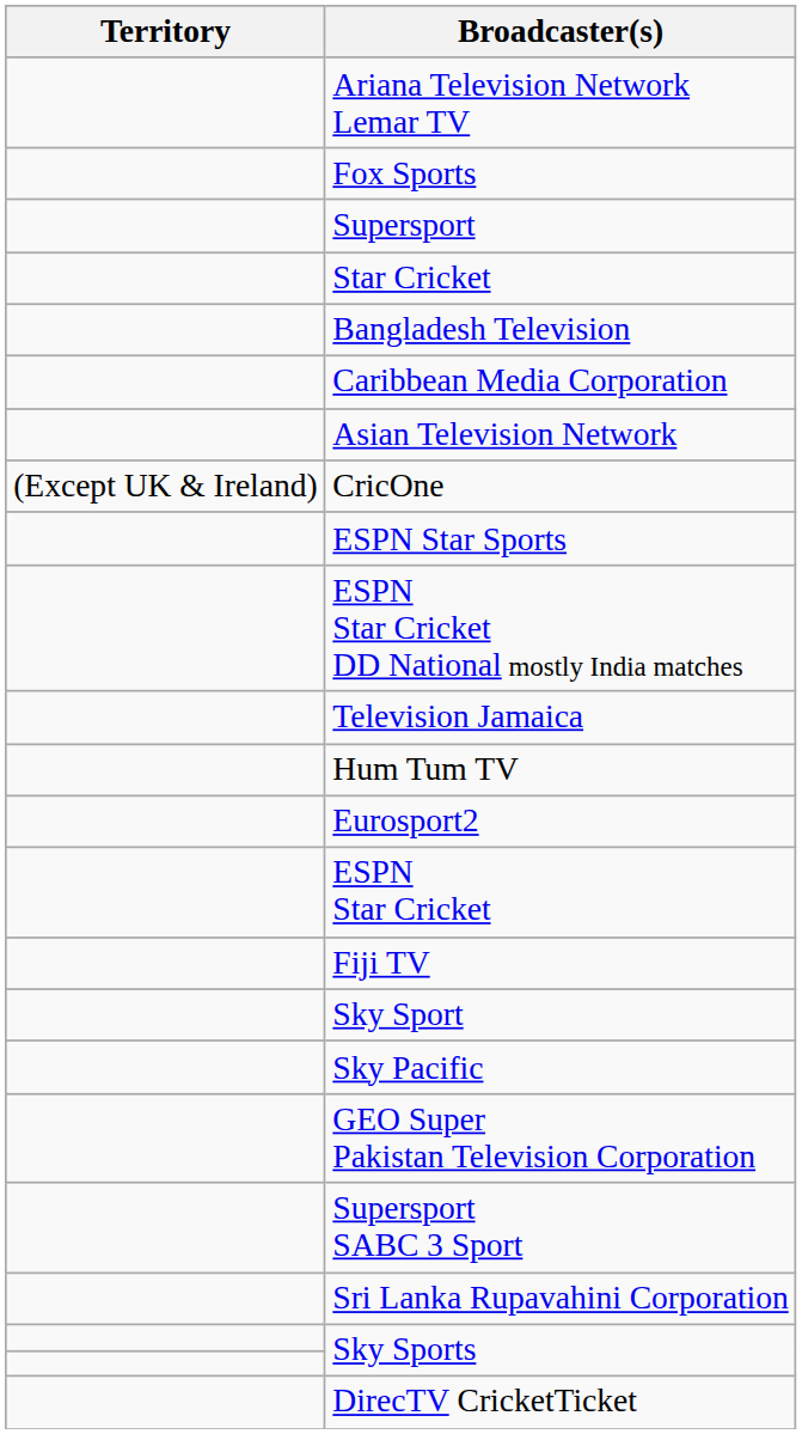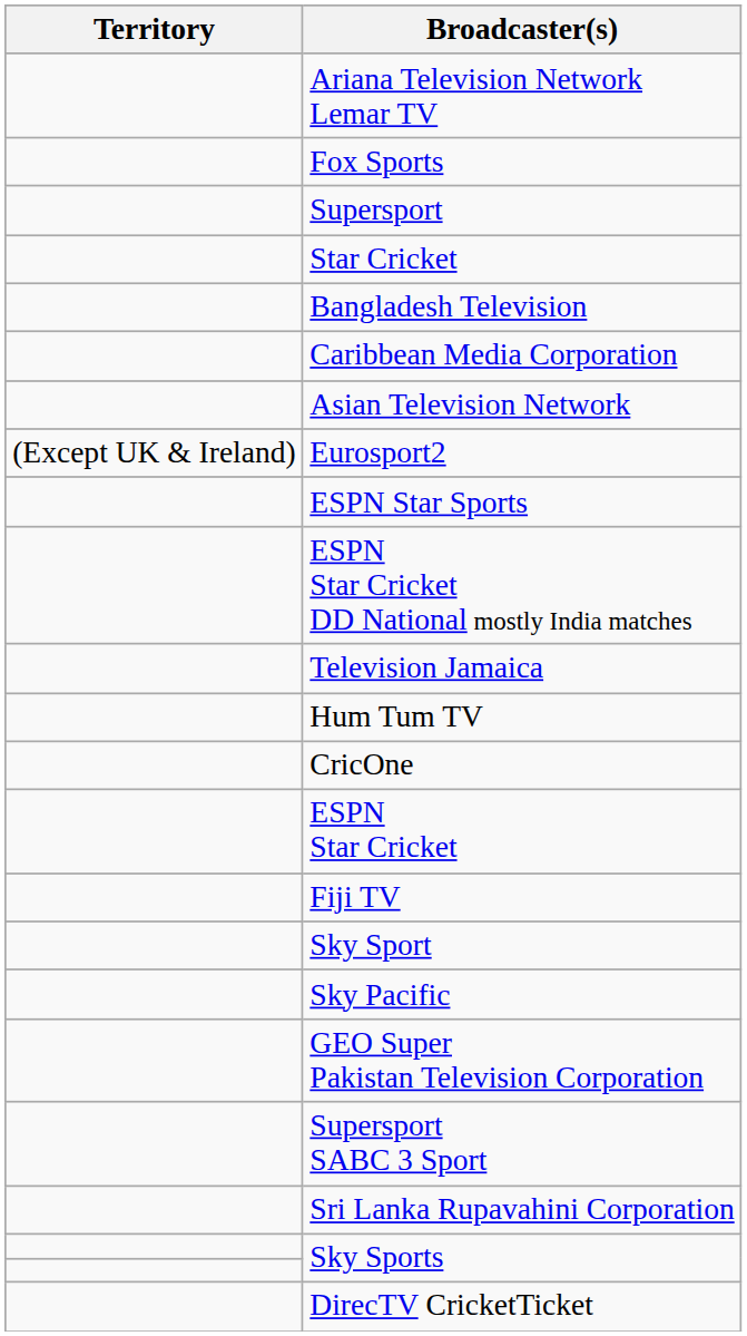 <table class="wikitable">
 <tr>
 <th>Territory</th>
 <th>Broadcaster(s)</th>
 </tr>
 <tr>
 <td></td>
 <td><a href='#'>Ariana Television Network</a><br><a href='#'>Lemar TV</a></td>
 </tr>
 <tr>
 <td></td>
 <td><a href='#'>Fox Sports</a></td>
 </tr>
 <tr>
 <td></td>
 <td><a href='#'>Supersport</a></td>
 </tr>
 <tr>
 <td></td>
 <td><a href='#'>Star Cricket</a></td>
 </tr>
 <tr>
 <td></td>
 <td><a href='#'>Bangladesh Television</a></td>
 </tr>
 <tr>
 <td></td>
 <td><a href='#'>Caribbean Media Corporation</a></td>
 </tr>
 <tr>
 <td></td>
 <td><a href='#'>Asian Television Network</a></td>
 </tr>
 <tr>
 <td> (Except UK & Ireland)</td>
-<td>CricOne</td>
+<td><a href='#'>Eurosport2</a></td>
 </tr>
 <tr>
 <td></td>
 <td><a href='#'>ESPN Star Sports</a></td>
 </tr>
 <tr>
 <td></td>
 <td><a href='#'>ESPN</a><br><a href='#'>Star Cricket</a> <br><a href='#'>DD National</a><small> mostly India matches</small></td>
 </tr>
 <tr>
 <td></td>
 <td><a href='#'>Television Jamaica</a></td>
 </tr>
 <tr>
 <td></td>
 <td>Hum Tum TV</td>
 </tr>
 <tr>
 <td></td>
-<td><a href='#'>Eurosport2</a></td>
+<td>CricOne</td>
 </tr>
 <tr>
 <td></td>
 <td><a href='#'>ESPN</a><br><a href='#'>Star Cricket</a></td>
 </tr>
 <tr>
 <td></td>
 <td><a href='#'>Fiji TV</a></td>
 </tr>
 <tr>
 <td></td>
 <td><a href='#'>Sky Sport</a></td>
 </tr>
 <tr>
 <td></td>
 <td><a href='#'>Sky Pacific</a></td>
 </tr>
 <tr>
 <td></td>
 <td><a href='#'>GEO Super</a><br><a href='#'>Pakistan Television Corporation</a></td>
 </tr>
 <tr>
 <td></td>
 <td><a href='#'>Supersport</a><br><a href='#'>SABC 3 Sport</a></td>
 </tr>
 <tr>
 <td></td>
 <td><a href='#'>Sri Lanka Rupavahini Corporation</a></td>
 </tr>
 <tr>
 <td></td>
 <td rowspan="2"><a href='#'>Sky Sports</a></td>
 </tr>
 <tr>
 <td></td>
 </tr>
 <tr>
 <td></td>
 <td><a href='#'>DirecTV</a> CricketTicket</td>
 </tr>
 </table>
